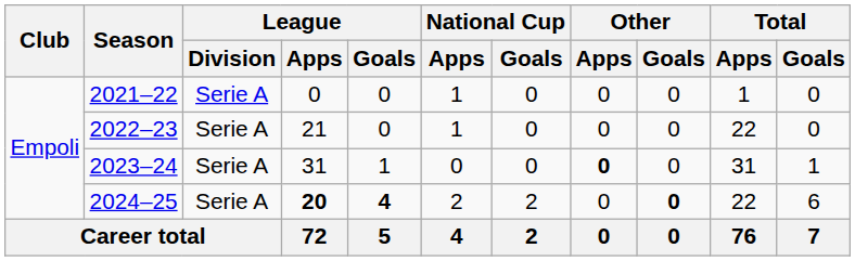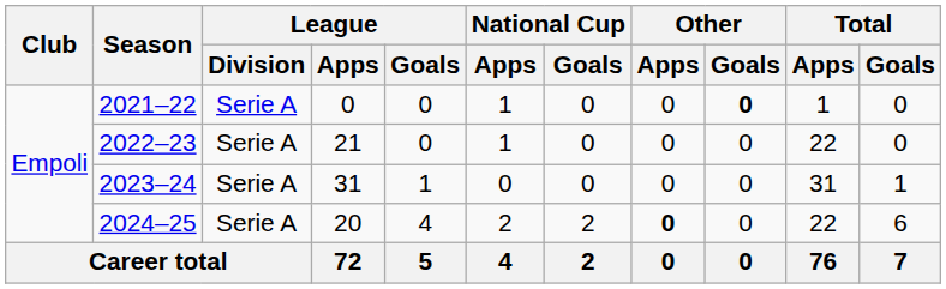 <table class="wikitable" style="text-align:center">
 <tr>
 <th rowspan="2">Club</th>
 <th rowspan="2">Season</th>
 <th colspan="3">League</th>
 <th colspan="2">National Cup</th>
 <th colspan="2">Other</th>
 <th colspan="2">Total</th>
 </tr>
 <tr>
 <th>Division</th>
 <th>Apps</th>
 <th>Goals</th>
 <th>Apps</th>
 <th>Goals</th>
 <th>Apps</th>
 <th>Goals</th>
 <th>Apps</th>
 <th>Goals</th>
 </tr>
 <tr>
 <td rowspan="4"><a href='#'>Empoli</a></td>
 <td><a href='#'>2021–22</a></td>
 <td><a href='#'>Serie A</a></td>
 <td>0</td>
 <td>0</td>
 <td>1</td>
 <td>0</td>
 <td>0</td>
-<td>0</td>
+<td><strong>0</strong></td>
 <td>1</td>
 <td>0</td>
 </tr>
 <tr>
 <td><a href='#'>2022–23</a></td>
 <td>Serie A</td>
 <td>21</td>
 <td>0</td>
 <td>1</td>
 <td>0</td>
 <td>0</td>
 <td>0</td>
 <td>22</td>
 <td>0</td>
 </tr>
 <tr>
 <td><a href='#'>2023–24</a></td>
 <td>Serie A</td>
 <td>31</td>
 <td>1</td>
 <td>0</td>
 <td>0</td>
-<td><strong>0</strong></td>
+<td>0</td>
 <td>0</td>
 <td>31</td>
 <td>1</td>
 </tr>
 <tr>
 <td><a href='#'>2024–25</a></td>
 <td>Serie A</td>
-<td><strong>20</strong></td>
-<td><strong>4</strong></td>
+<td>20</td>
+<td>4</td>
 <td>2</td>
 <td>2</td>
+<td><strong>0</strong></td>
 <td>0</td>
-<td><strong>0</strong></td>
 <td>22</td>
 <td>6</td>
 </tr>
 <tr>
 <th colspan="3">Career total</th>
 <th>72</th>
 <th>5</th>
 <th>4</th>
 <th>2</th>
 <th>0</th>
 <th>0</th>
 <th>76</th>
 <th>7</th>
 </tr>
 </table>
